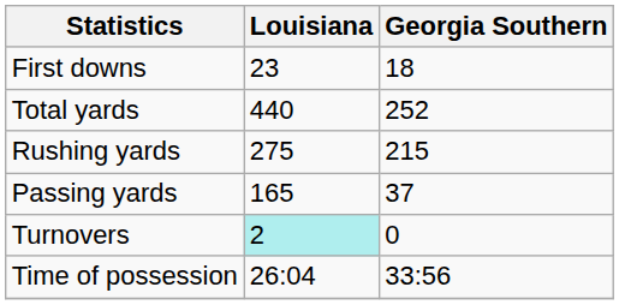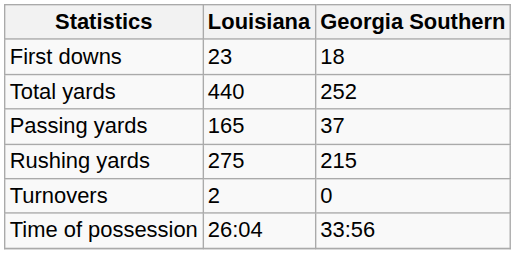 <table class="wikitable">
 <tr>
 <th>Statistics</th>
 <th>Louisiana</th>
 <th>Georgia Southern</th>
 </tr>
 <tr>
 <td>First downs</td>
 <td>23</td>
 <td>18</td>
 </tr>
 <tr>
 <td>Total yards</td>
 <td>440</td>
 <td>252</td>
 </tr>
 <tr>
+<td>Passing yards</td>
+<td>165</td>
+<td>37</td>
+</tr>
+<tr>
 <td>Rushing yards</td>
 <td>275</td>
 <td>215</td>
 </tr>
 <tr>
-<td>Passing yards</td>
-<td>165</td>
-<td>37</td>
-</tr>
-<tr>
 <td>Turnovers</td>
-<td style="background: paleturquoise;">2</td>
+<td>2</td>
 <td>0</td>
 </tr>
 <tr>
 <td>Time of possession</td>
 <td>26:04</td>
 <td>33:56</td>
 </tr>
 <tr>
 </tr>
 </table>
